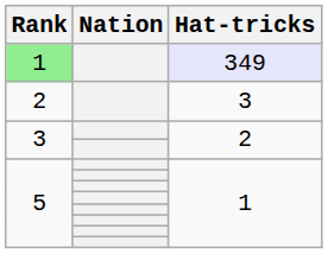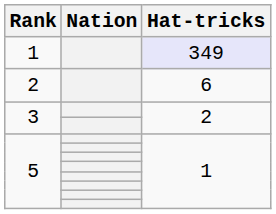 <table class="wikitable plainrowheaders" style="text-align:center">
 <tr>
 <th scope="col">Rank</th>
 <th scope="col">Nation</th>
 <th scope="col">Hat-tricks</th>
 </tr>
 <tr>
-<td style="background: lightgreen;">1</td>
+<td>1</td>
 <th scope="row"></th>
 <td style="background: lavender;">349</td>
 </tr>
 <tr>
 <td>2</td>
 <th scope="row"></th>
-<td>3</td>
+<td>6</td>
 </tr>
 <tr>
 <td style="border-top:1px solid silver" rowspan="2">3</td>
 <th scope="row"></th>
 <td rowspan="2">2</td>
 </tr>
 <tr>
 <th scope="row"></th>
 </tr>
 <tr>
 <td style="border-top:1px solid silver" rowspan="8">5</td>
 <th scope="row"></th>
 <td rowspan="8">1</td>
 </tr>
 <tr>
 <th scope="row"></th>
 </tr>
 <tr>
 <th scope="row"></th>
 </tr>
 <tr>
 <th scope="row"></th>
 </tr>
 <tr>
 <th scope="row"></th>
 </tr>
 <tr>
 <th scope="row"></th>
 </tr>
 <tr>
 <th scope="row"></th>
 </tr>
 <tr>
 <th scope="row"></th>
 </tr>
 </table>
